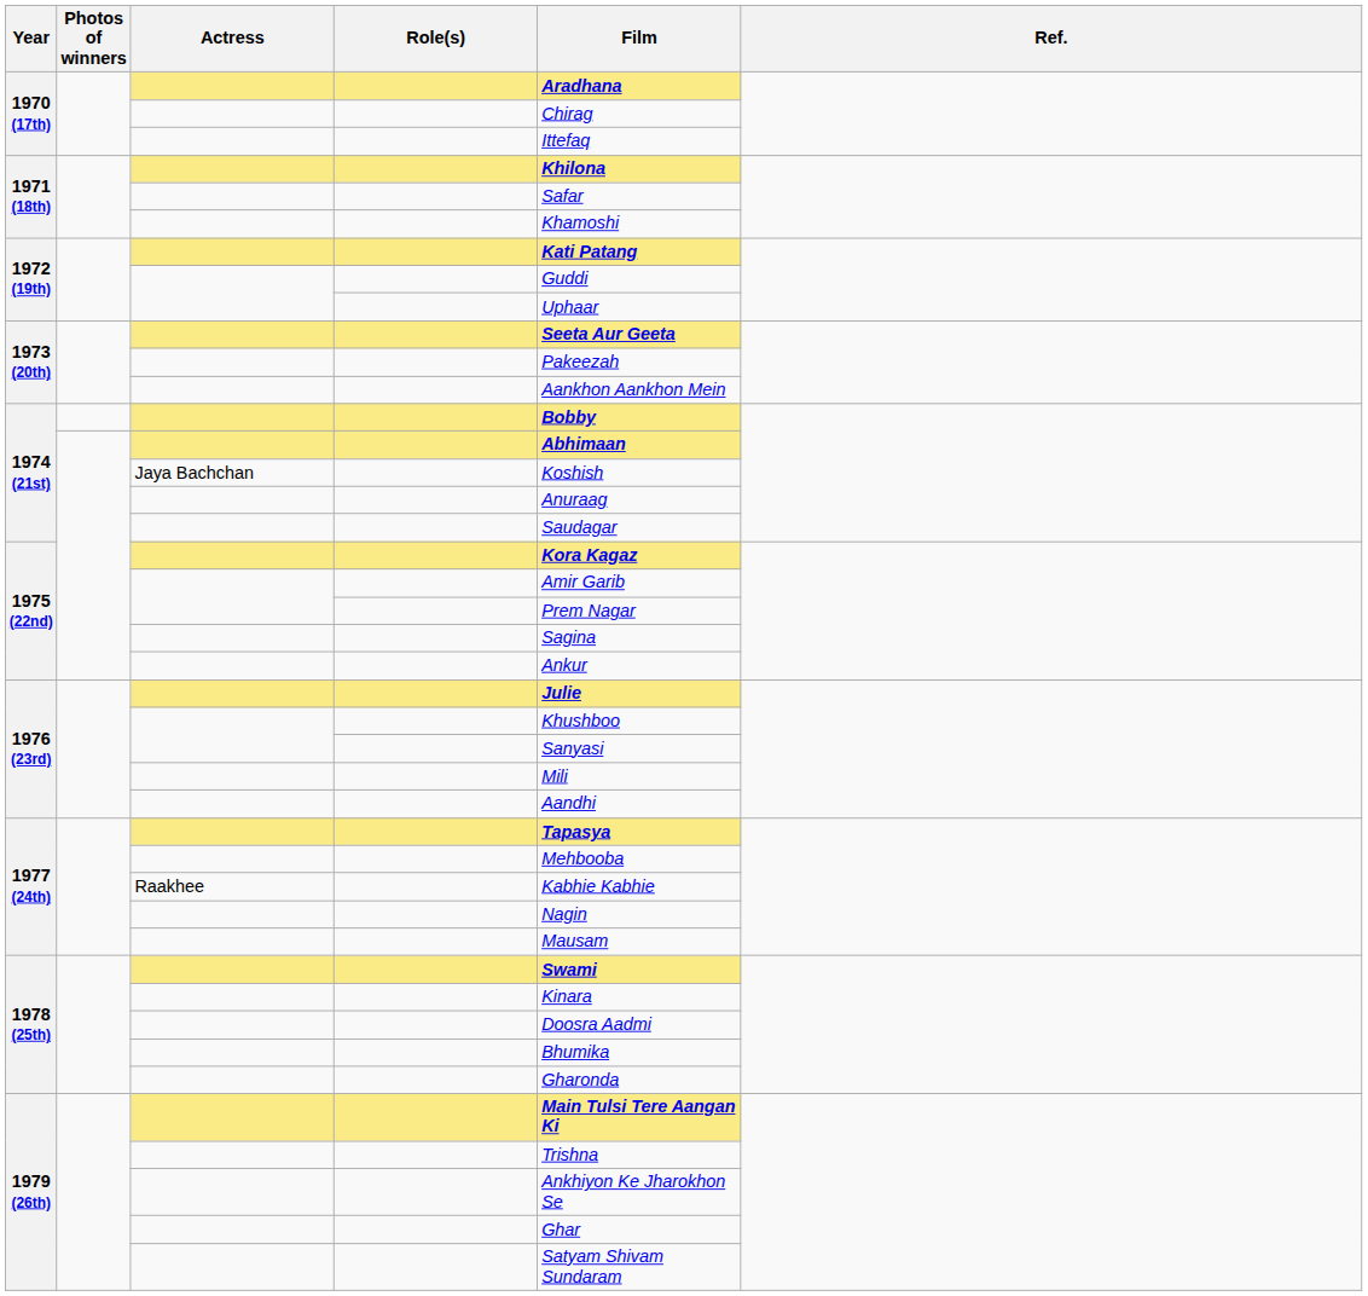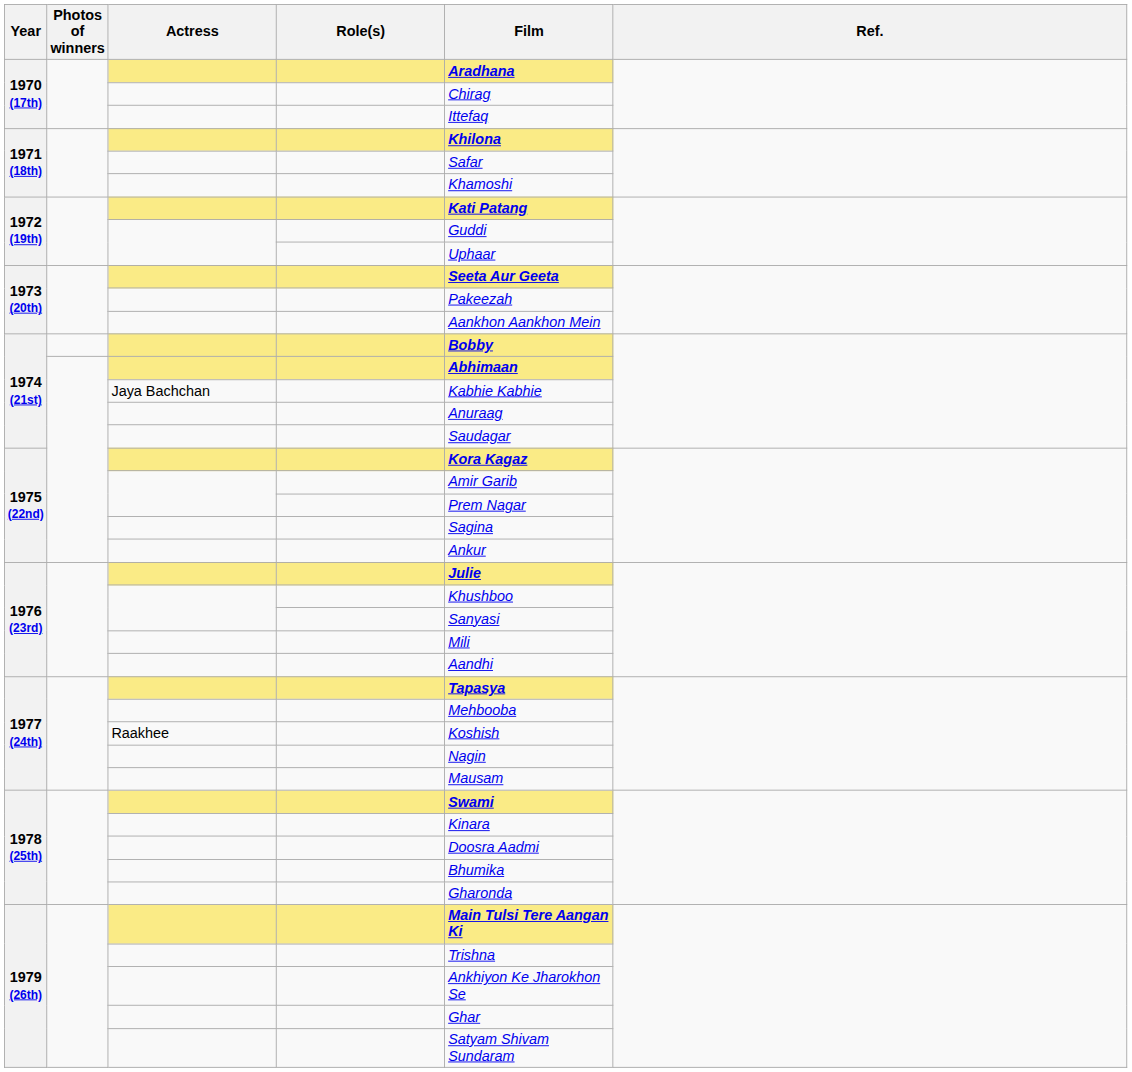 <table class="wikitable sortable" style="text-align:left;">
 <tr>
 <th scope="col" style="width:3%; text-align:center;">Year</th>
 <th scope="col" style="width:3%;text-align:center;">Photos of winners</th>
 <th scope="col" style="width:15%;text-align:center;">Actress</th>
 <th scope="col" style="width:15%;text-align:center;">Role(s)</th>
 <th scope="col" style="width:15%;text-align:center;">Film</th>
 <th>Ref.</th>
 </tr>
 <tr>
 <th scope="row" rowspan=3 style="text-align:center">1970 <br><small><a href='#'>(17th)</a> </small></th>
 <td rowspan=3 style="text-align:center"></td>
 <td style="background:#FAEB86;"><strong></strong> </td>
 <td style="background:#FAEB86;"><strong></strong></td>
 <td style="background:#FAEB86;"><strong><em><a href='#'>Aradhana</a></em></strong></td>
 <td rowspan="3"></td>
 </tr>
 <tr>
 <td></td>
 <td></td>
 <td><em><a href='#'>Chirag</a></em></td>
 </tr>
 <tr>
 <td></td>
 <td></td>
 <td><em><a href='#'>Ittefaq</a></em></td>
 </tr>
 <tr>
 <th scope="row" rowspan=3 style="text-align:center">1971 <br><small><a href='#'>(18th)</a> </small></th>
 <td rowspan=3 style="text-align:center"></td>
 <td style="background:#FAEB86;"><strong></strong> </td>
 <td style="background:#FAEB86;"><strong></strong></td>
 <td style="background:#FAEB86;"><strong><em><a href='#'>Khilona</a></em></strong></td>
 <td rowspan="3"></td>
 </tr>
 <tr>
 <td></td>
 <td></td>
 <td><em><a href='#'>Safar</a></em></td>
 </tr>
 <tr>
 <td></td>
 <td></td>
 <td><em><a href='#'>Khamoshi</a></em></td>
 </tr>
 <tr>
 <th scope="row" rowspan=3 style="text-align:center">1972 <br><small><a href='#'>(19th)</a> </small></th>
 <td rowspan=3 style="text-align:center"></td>
 <td style="background:#FAEB86;"><strong></strong> </td>
 <td style="background:#FAEB86;"><strong></strong></td>
 <td style="background:#FAEB86;"><strong><em><a href='#'>Kati Patang</a></em></strong></td>
 <td rowspan="3"></td>
 </tr>
 <tr>
 <td rowspan=2></td>
 <td></td>
 <td><em><a href='#'>Guddi</a></em></td>
 </tr>
 <tr>
 <td></td>
 <td><em><a href='#'>Uphaar</a></em></td>
 </tr>
 <tr>
 <th scope="row" rowspan=3 style="text-align:center">1973 <br><small><a href='#'>(20th)</a> </small></th>
 <td rowspan=3 style="text-align:center"></td>
 <td style="background:#FAEB86;"><strong></strong> </td>
 <td style="background:#FAEB86;"><strong></strong></td>
 <td style="background:#FAEB86;"><strong><em><a href='#'>Seeta Aur Geeta</a></em></strong></td>
 <td rowspan="3"></td>
 </tr>
 <tr>
 <td> </td>
 <td></td>
 <td><em><a href='#'>Pakeezah</a></em></td>
 </tr>
 <tr>
 <td></td>
 <td></td>
 <td><em><a href='#'>Aankhon Aankhon Mein</a></em></td>
 </tr>
 <tr>
 <th scope="row" rowspan=5 style="text-align:center">1974 <br><small><a href='#'>(21st)</a> </small></th>
 <td style="text-align:center"></td>
 <td style="background:#FAEB86;"><strong></strong> </td>
 <td style="background:#FAEB86;"><strong></strong></td>
 <td style="background:#FAEB86;"><strong><em><a href='#'>Bobby</a></em></strong></td>
 <td rowspan="5"></td>
 </tr>
 <tr>
 <td rowspan="9"></td>
 <td style="background:#FAEB86;"><strong></strong> </td>
 <td style="background:#FAEB86;"><strong></strong></td>
 <td style="background:#FAEB86;"><strong><em><a href='#'>Abhimaan</a></em></strong></td>
 </tr>
 <tr>
 <td>Jaya Bachchan</td>
 <td></td>
-<td><em><a href='#'>Koshish</a></em></td>
+<td><em><a href='#'>Kabhie Kabhie</a></em></td>
 </tr>
 <tr>
 <td></td>
 <td></td>
 <td><em><a href='#'>Anuraag</a></em></td>
 </tr>
 <tr>
 <td></td>
 <td></td>
 <td><a href='#'><em>Saudagar</em></a></td>
 </tr>
 <tr>
 <th scope="row" rowspan=5 style="text-align:center">1975 <br><small><a href='#'>(22nd)</a> </small></th>
 <td style="background:#FAEB86;"><strong></strong> </td>
 <td style="background:#FAEB86;"><strong></strong></td>
 <td style="background:#FAEB86;"><strong><em><a href='#'>Kora Kagaz</a></em></strong></td>
 <td rowspan="5"></td>
 </tr>
 <tr>
 <td rowspan=2></td>
 <td></td>
 <td><em><a href='#'>Amir Garib</a></em></td>
 </tr>
 <tr>
 <td></td>
 <td><em><a href='#'>Prem Nagar</a></em></td>
 </tr>
 <tr>
 <td></td>
 <td></td>
 <td><em><a href='#'>Sagina</a></em></td>
 </tr>
 <tr>
 <td></td>
 <td></td>
 <td><em><a href='#'>Ankur</a></em></td>
 </tr>
 <tr>
 <th scope="row" rowspan=5 style="text-align:center">1976 <br><small><a href='#'>(23rd)</a> </small></th>
 <td rowspan=5 style="text-align:center"></td>
 <td style="background:#FAEB86;"><strong></strong> </td>
 <td style="background:#FAEB86;"><strong></strong></td>
 <td style="background:#FAEB86;"><strong><em><a href='#'>Julie</a></em></strong></td>
 <td rowspan="5"></td>
 </tr>
 <tr>
 <td rowspan=2></td>
 <td></td>
 <td><em><a href='#'>Khushboo</a></em></td>
 </tr>
 <tr>
 <td></td>
 <td><em><a href='#'>Sanyasi</a></em></td>
 </tr>
 <tr>
 <td></td>
 <td></td>
 <td><em><a href='#'>Mili</a></em></td>
 </tr>
 <tr>
 <td></td>
 <td></td>
 <td><em><a href='#'>Aandhi</a></em></td>
 </tr>
 <tr>
 <th scope="row" rowspan=5 style="text-align:center">1977 <br><small><a href='#'>(24th)</a> </small></th>
 <td rowspan=5 style="text-align:center"></td>
 <td style="background:#FAEB86;"><strong></strong> </td>
 <td style="background:#FAEB86;"><strong></strong></td>
 <td style="background:#FAEB86;"><strong><em><a href='#'>Tapasya</a></em></strong></td>
 <td rowspan="5"></td>
 </tr>
 <tr>
 <td></td>
 <td></td>
 <td><em><a href='#'>Mehbooba</a></em></td>
 </tr>
 <tr>
 <td>Raakhee</td>
 <td></td>
-<td><em><a href='#'>Kabhie Kabhie</a></em></td>
+<td><em><a href='#'>Koshish</a></em></td>
 </tr>
 <tr>
 <td></td>
 <td></td>
 <td><em><a href='#'>Nagin</a></em></td>
 </tr>
 <tr>
 <td></td>
 <td></td>
 <td><em><a href='#'>Mausam</a></em></td>
 </tr>
 <tr>
 <th scope="row" rowspan=5 style="text-align:center">1978 <br><small><a href='#'>(25th)</a> </small></th>
 <td rowspan=5 style="text-align:center"></td>
 <td style="background:#FAEB86;"><strong></strong> </td>
 <td style="background:#FAEB86;"><strong></strong></td>
 <td style="background:#FAEB86;"><strong><em><a href='#'>Swami</a></em></strong></td>
 <td rowspan="5"></td>
 </tr>
 <tr>
 <td></td>
 <td></td>
 <td><em><a href='#'>Kinara</a></em></td>
 </tr>
 <tr>
 <td></td>
 <td></td>
 <td><em><a href='#'>Doosra Aadmi</a></em></td>
 </tr>
 <tr>
 <td></td>
 <td></td>
 <td><em><a href='#'>Bhumika</a></em></td>
 </tr>
 <tr>
 <td></td>
 <td></td>
 <td><em><a href='#'>Gharonda</a></em></td>
 </tr>
 <tr>
 <th scope="row" rowspan=5 style="text-align:center">1979 <br><small><a href='#'>(26th)</a> </small></th>
 <td rowspan=5 style="text-align:center"></td>
 <td style="background:#FAEB86;"><strong></strong> </td>
 <td style="background:#FAEB86;"><strong></strong></td>
 <td style="background:#FAEB86;"><strong><em><a href='#'>Main Tulsi Tere Aangan Ki</a></em></strong></td>
 <td rowspan="5"></td>
 </tr>
 <tr>
 <td></td>
 <td></td>
 <td><em><a href='#'>Trishna</a></em></td>
 </tr>
 <tr>
 <td></td>
 <td></td>
 <td><em><a href='#'>Ankhiyon Ke Jharokhon Se</a></em></td>
 </tr>
 <tr>
 <td></td>
 <td></td>
 <td><em><a href='#'>Ghar</a></em></td>
 </tr>
 <tr>
 <td></td>
 <td></td>
 <td><em><a href='#'>Satyam Shivam Sundaram</a></em></td>
 </tr>
 </table>
